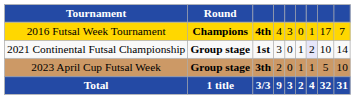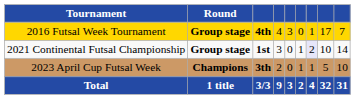 <table class="wikitable" style="text-align: center;">
 <tr>
 <th style="background:#244AA5; color:white; ">Tournament</th>
 <th style="background:#244AA5; color:white; ">Round</th>
 <th style="background:#244AA5; color:white; "></th>
 <th style="background:#244AA5; color:white; "></th>
 <th style="background:#244AA5; color:white; "></th>
 <th style="background:#244AA5; color:white; "></th>
 <th style="background:#244AA5; color:white; "></th>
 <th style="background:#244AA5; color:white; "></th>
 <th style="background:#244AA5; color:white; "></th>
 </tr>
 <tr style="background:gold">
 <td> 2016 Futsal Week Tournament</td>
-<td><strong>Champions</strong></td>
+<td><strong>Group stage</strong></td>
 <td><strong>4th</strong></td>
 <td>4</td>
 <td>3</td>
 <td>0</td>
 <td>1</td>
 <td>17</td>
 <td>7</td>
 </tr>
 <tr>
 <td> 2021 Continental Futsal Championship</td>
 <td><strong>Group stage</strong></td>
 <td><strong>1st</strong></td>
 <td>3</td>
 <td>0</td>
 <td>1</td>
 <td style="background: lavender;">2</td>
 <td>10</td>
 <td>14</td>
 </tr>
 <tr style="background:#CC9966">
 <td> 2023 April Cup Futsal Week</td>
-<td><strong>Group stage</strong></td>
+<td><strong>Champions</strong></td>
 <td><strong>3th</strong></td>
 <td>2</td>
 <td>0</td>
 <td>1</td>
 <td>1</td>
 <td>5</td>
 <td>10</td>
 </tr>
 <tr>
 <th style="background:#244AA5; color:white; ">Total</th>
 <th style="background:#244AA5; color:white; ">1 title</th>
 <th style="background:#244AA5; color:white; ">3/3</th>
 <th style="background:#244AA5; color:white; ">9</th>
 <th style="background:#244AA5; color:white; ">3</th>
 <th style="background:#244AA5; color:white; ">2</th>
 <th style="background:#244AA5; color:white; ">4</th>
 <th style="background:#244AA5; color:white; ">32</th>
 <th style="background:#244AA5; color:white; ">31</th>
 </tr>
 </table>
